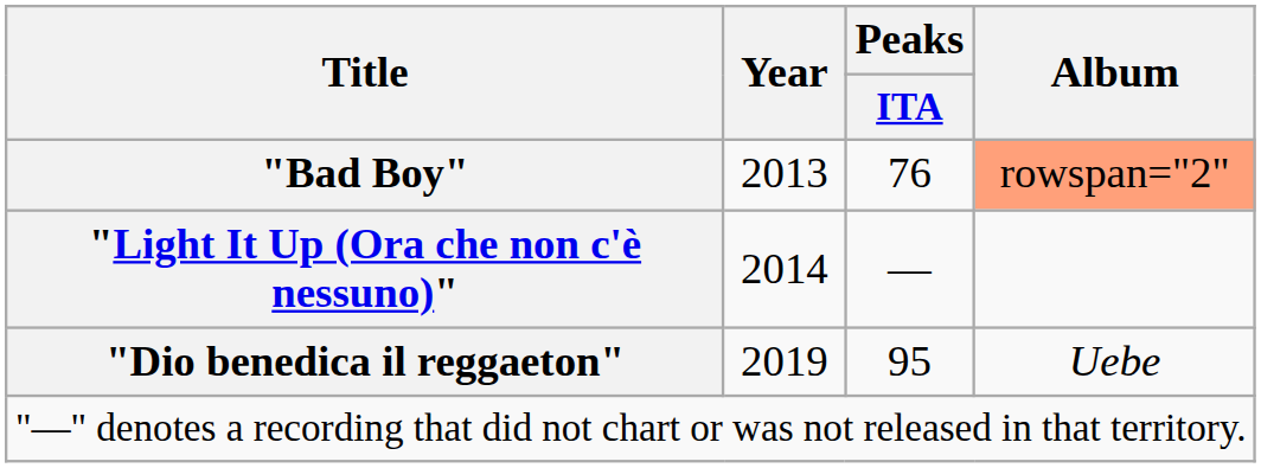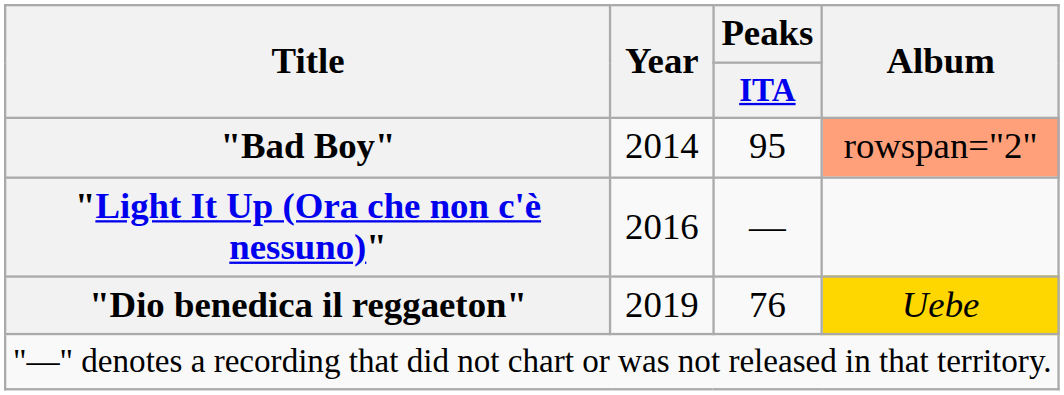 <table class="wikitable plainrowheaders" style="text-align:center;">
 <tr>
 <th scope="col" style="width:16em;" rowspan="2">Title</th>
 <th scope="col" rowspan="2">Year</th>
 <th scope="col">Peaks</th>
 <th scope="col" rowspan="2">Album</th>
 </tr>
 <tr>
 <th scope="col" style="width:2.5em;font-size:90%;"><a href='#'>ITA</a><br></th>
 </tr>
 <tr>
 <th scope="row">"Bad Boy"<br></th>
-<td>2013</td>
-<td>76</td>
+<td>2014</td>
+<td>95</td>
 <td style="background: lightsalmon;">rowspan="2" </td>
 </tr>
 <tr>
 <th scope="row">"<a href='#'>Light It Up (Ora che non c'è nessuno)</a>"<br></th>
-<td>2014</td>
+<td>2016</td>
 <td>—</td>
 </tr>
 <tr>
 <th scope="row">"Dio benedica il reggaeton"<br></th>
 <td>2019</td>
-<td>95</td>
-<td><em>Uebe</em></td>
+<td>76</td>
+<td style="background: gold;"><em>Uebe</em></td>
 </tr>
 <tr>
 <td colspan="14" style="font-size:90%">"—" denotes a recording that did not chart or was not released in that territory.</td>
 </tr>
 </table>
